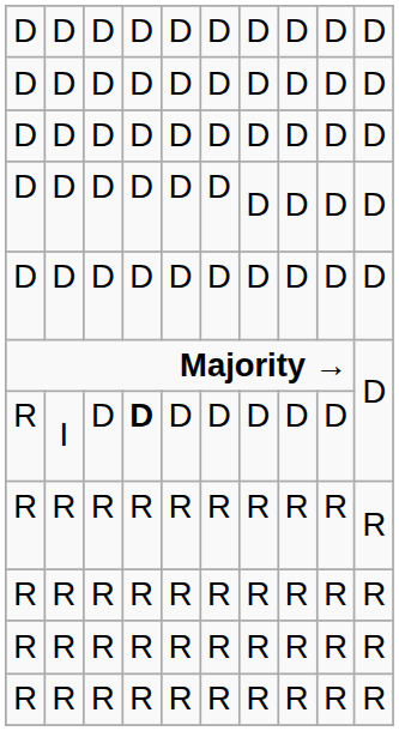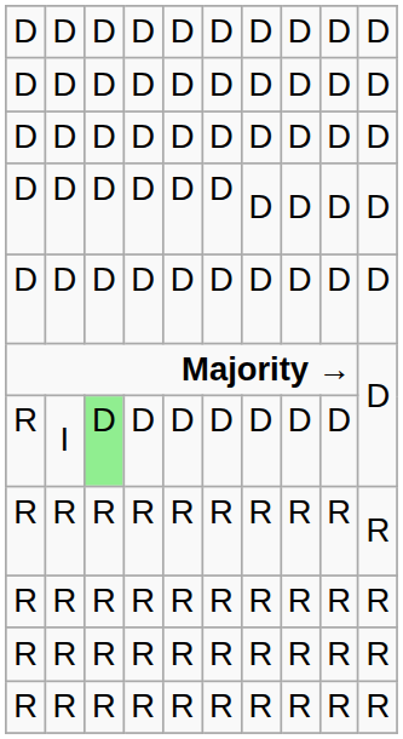 <table class="wikitable" style="text-align:center;">
 <tr>
 <td>D</td>
 <td>D</td>
 <td>D</td>
 <td>D</td>
 <td>D</td>
 <td>D</td>
 <td>D</td>
 <td>D</td>
 <td>D</td>
 <td>D</td>
 </tr>
 <tr>
 <td width=10% >D</td>
 <td width=10% >D</td>
 <td width=10% >D</td>
 <td width=10% >D</td>
 <td width=10% >D</td>
 <td width=10% >D</td>
 <td width=10% >D</td>
 <td width=10% >D</td>
 <td width=10% >D</td>
 <td width=10% >D</td>
 </tr>
 <tr>
 <td>D</td>
 <td>D</td>
 <td>D</td>
 <td>D</td>
 <td>D</td>
 <td>D</td>
 <td>D</td>
 <td>D</td>
 <td>D</td>
 <td>D</td>
 </tr>
 <tr>
 <td>D<br><br></td>
 <td>D<br><br></td>
 <td>D<br><br></td>
 <td>D<br><br></td>
 <td>D<br><br></td>
 <td>D<br><br></td>
 <td>D</td>
 <td>D</td>
 <td>D</td>
 <td>D</td>
 </tr>
 <tr>
 <td>D<br><br></td>
 <td>D<br><br></td>
 <td>D<br><br></td>
 <td>D<br><br></td>
 <td>D<br><br></td>
 <td>D<br><br></td>
 <td>D<br><br></td>
 <td>D<br><br></td>
 <td>D<br><br></td>
 <td>D<br><br></td>
 </tr>
 <tr>
 <td colspan=9 style="text-align:right"><strong>Majority →</strong></td>
 <td rowspan=2 >D<br><br></td>
 </tr>
 <tr>
 <td>R<br><br></td>
 <td>I</td>
+<td style="background: lightgreen;">D<br><br></td>
 <td>D<br><br></td>
-<td><strong>D<br><br></strong></td>
 <td>D<br><br></td>
 <td>D<br><br></td>
 <td>D<br><br></td>
 <td>D<br><br></td>
 <td>D<br><br></td>
 </tr>
 <tr>
 <td>R<br><br></td>
 <td>R<br><br></td>
 <td>R<br><br></td>
 <td>R<br><br></td>
 <td>R<br><br></td>
 <td>R<br><br></td>
 <td>R<br><br></td>
 <td>R<br><br></td>
 <td>R<br><br></td>
 <td>R</td>
 </tr>
 <tr>
 <td>R</td>
 <td>R</td>
 <td>R</td>
 <td>R</td>
 <td>R</td>
 <td>R</td>
 <td>R</td>
 <td>R</td>
 <td>R</td>
 <td>R</td>
 </tr>
 <tr>
 <td>R</td>
 <td>R</td>
 <td>R</td>
 <td>R</td>
 <td>R</td>
 <td>R</td>
 <td>R</td>
 <td>R</td>
 <td>R</td>
 <td>R</td>
 </tr>
 <tr>
 <td>R</td>
 <td>R</td>
 <td>R</td>
 <td>R</td>
 <td>R</td>
 <td>R</td>
 <td>R</td>
 <td>R</td>
 <td>R</td>
 <td>R</td>
 </tr>
 </table>
